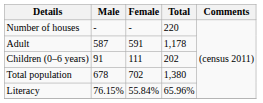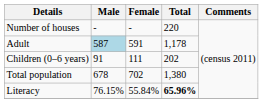 <table class="wikitable sortable">
 <tr>
 <th>Details</th>
 <th>Male</th>
 <th>Female</th>
 <th>Total</th>
 <th>Comments</th>
 </tr>
 <tr>
 <td>Number of houses</td>
 <td>-</td>
 <td>-</td>
 <td>220</td>
 <td rowspan="5">(census 2011) </td>
 </tr>
 <tr>
 <td>Adult</td>
-<td>587</td>
+<td style="background: lightblue;">587</td>
 <td>591</td>
 <td>1,178</td>
 </tr>
 <tr>
 <td>Children (0–6 years)</td>
 <td>91</td>
 <td>111</td>
 <td>202</td>
 </tr>
 <tr>
 <td>Total population</td>
 <td>678</td>
 <td>702</td>
 <td>1,380</td>
 </tr>
 <tr>
 <td>Literacy</td>
 <td>76.15%</td>
 <td>55.84%</td>
-<td>65.96%</td>
+<td><strong>65.96%</strong></td>
 </tr>
 <tr>
 </tr>
 </table>
